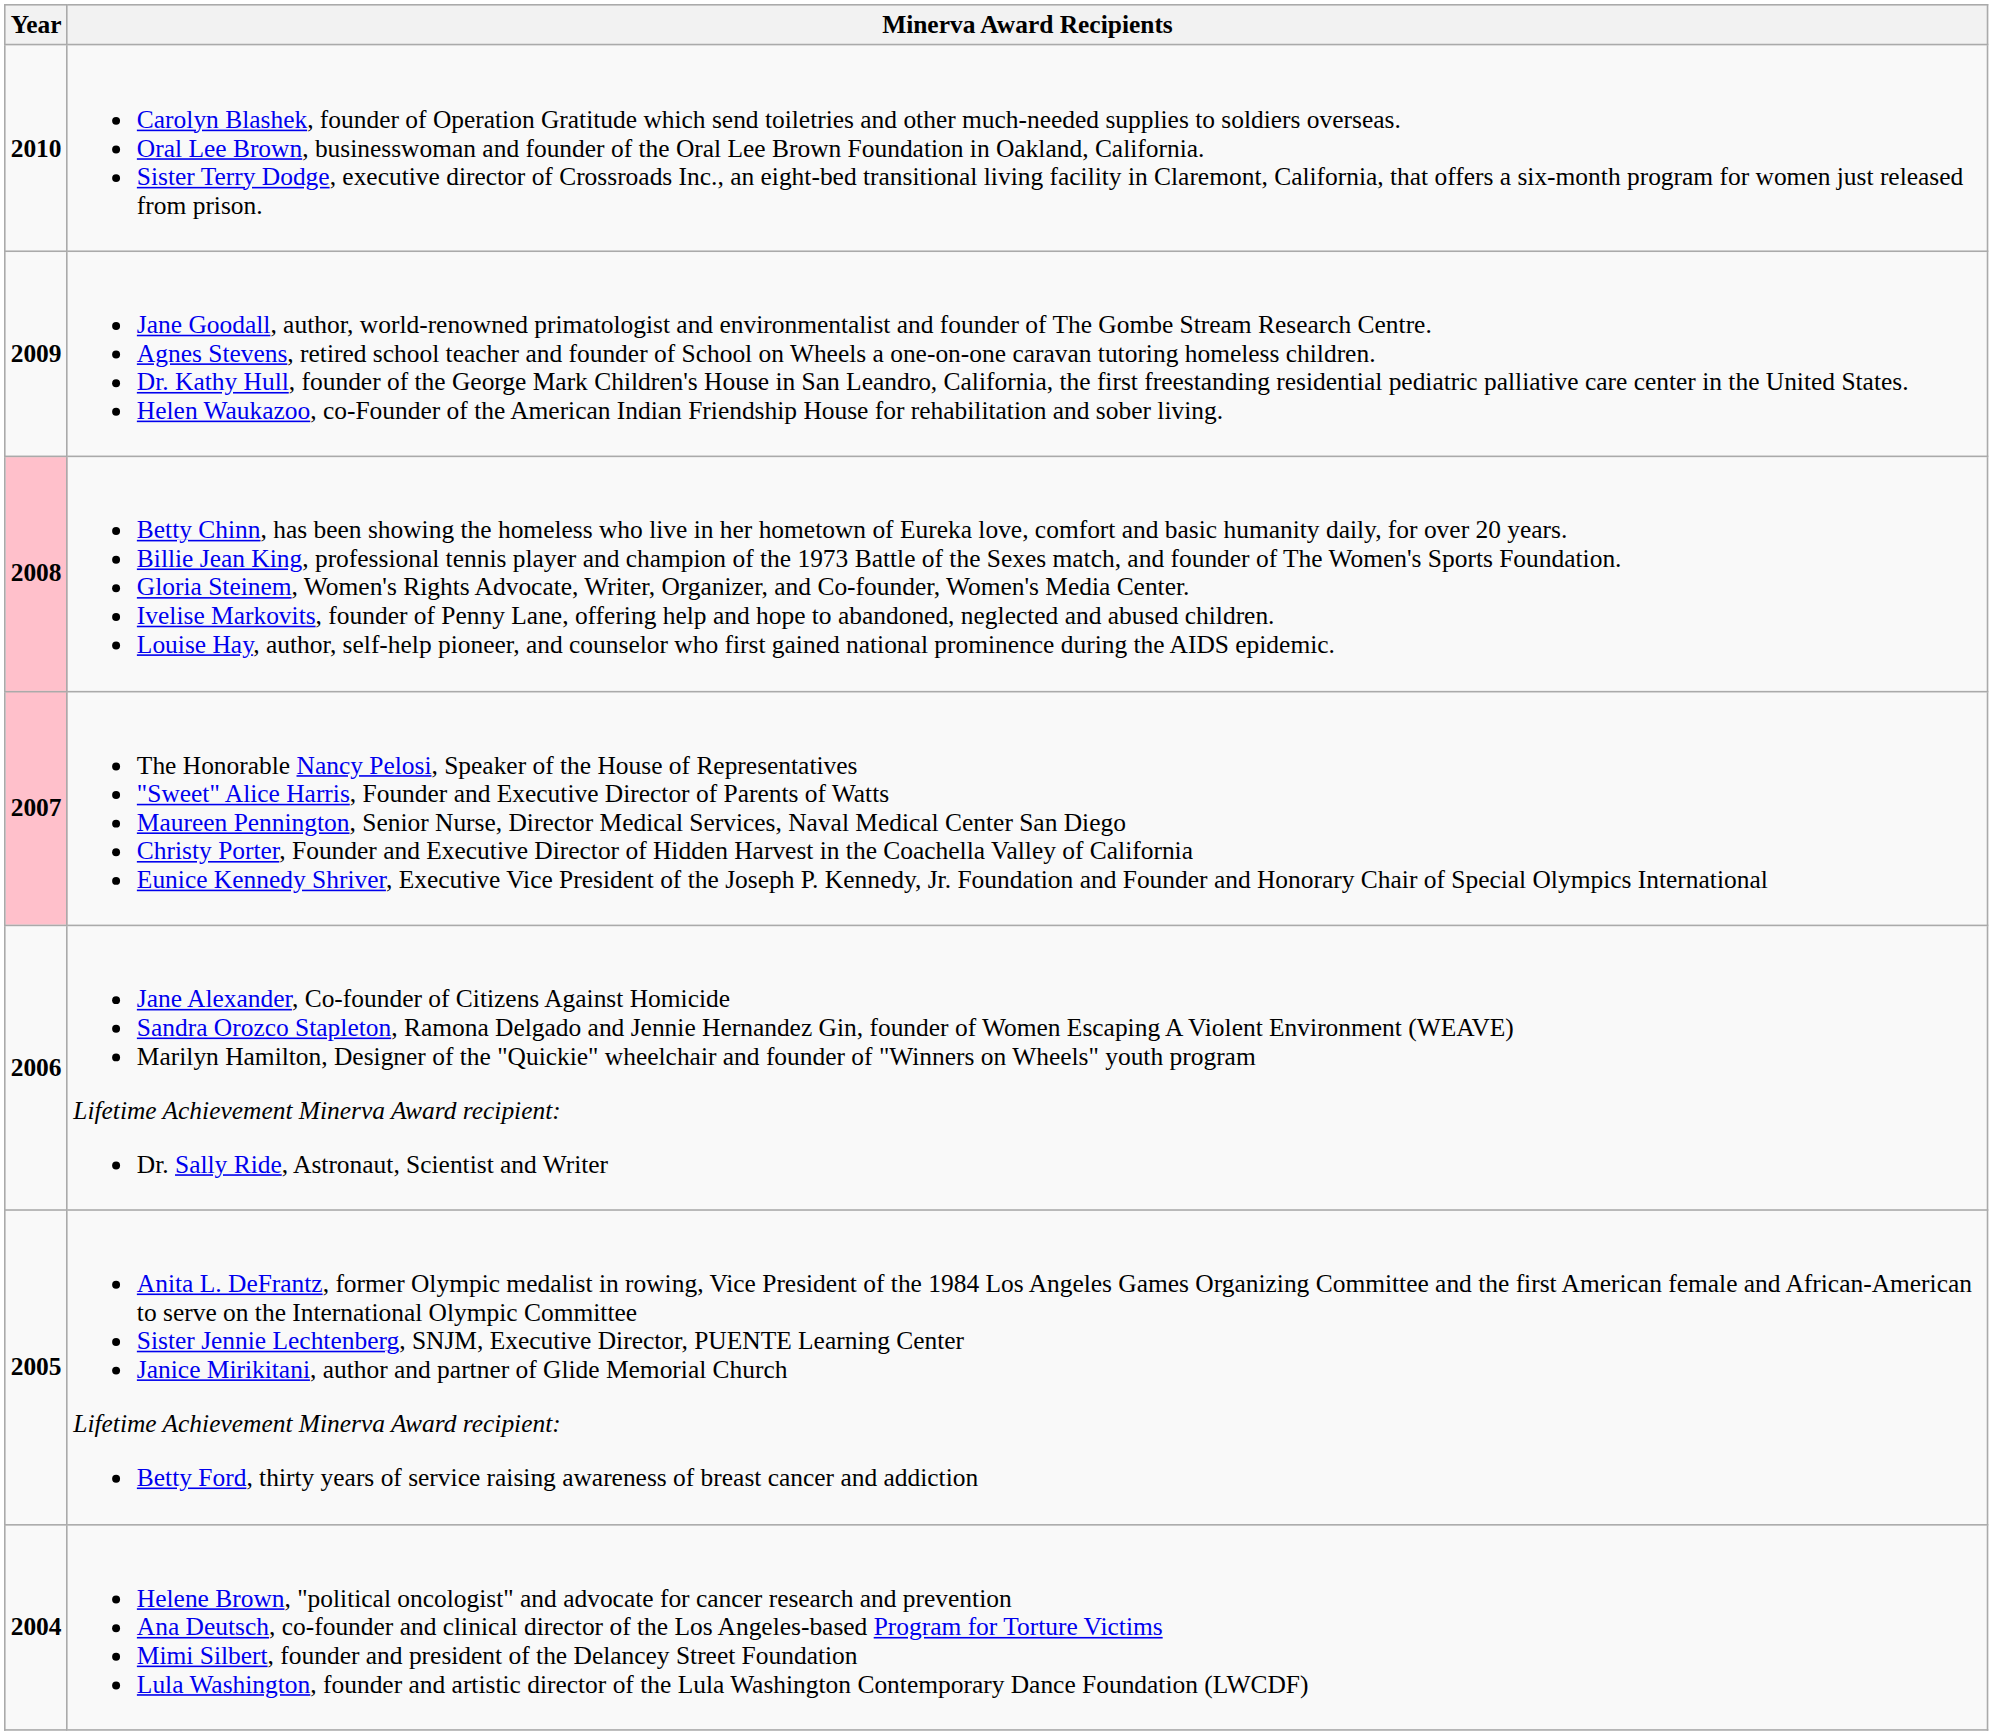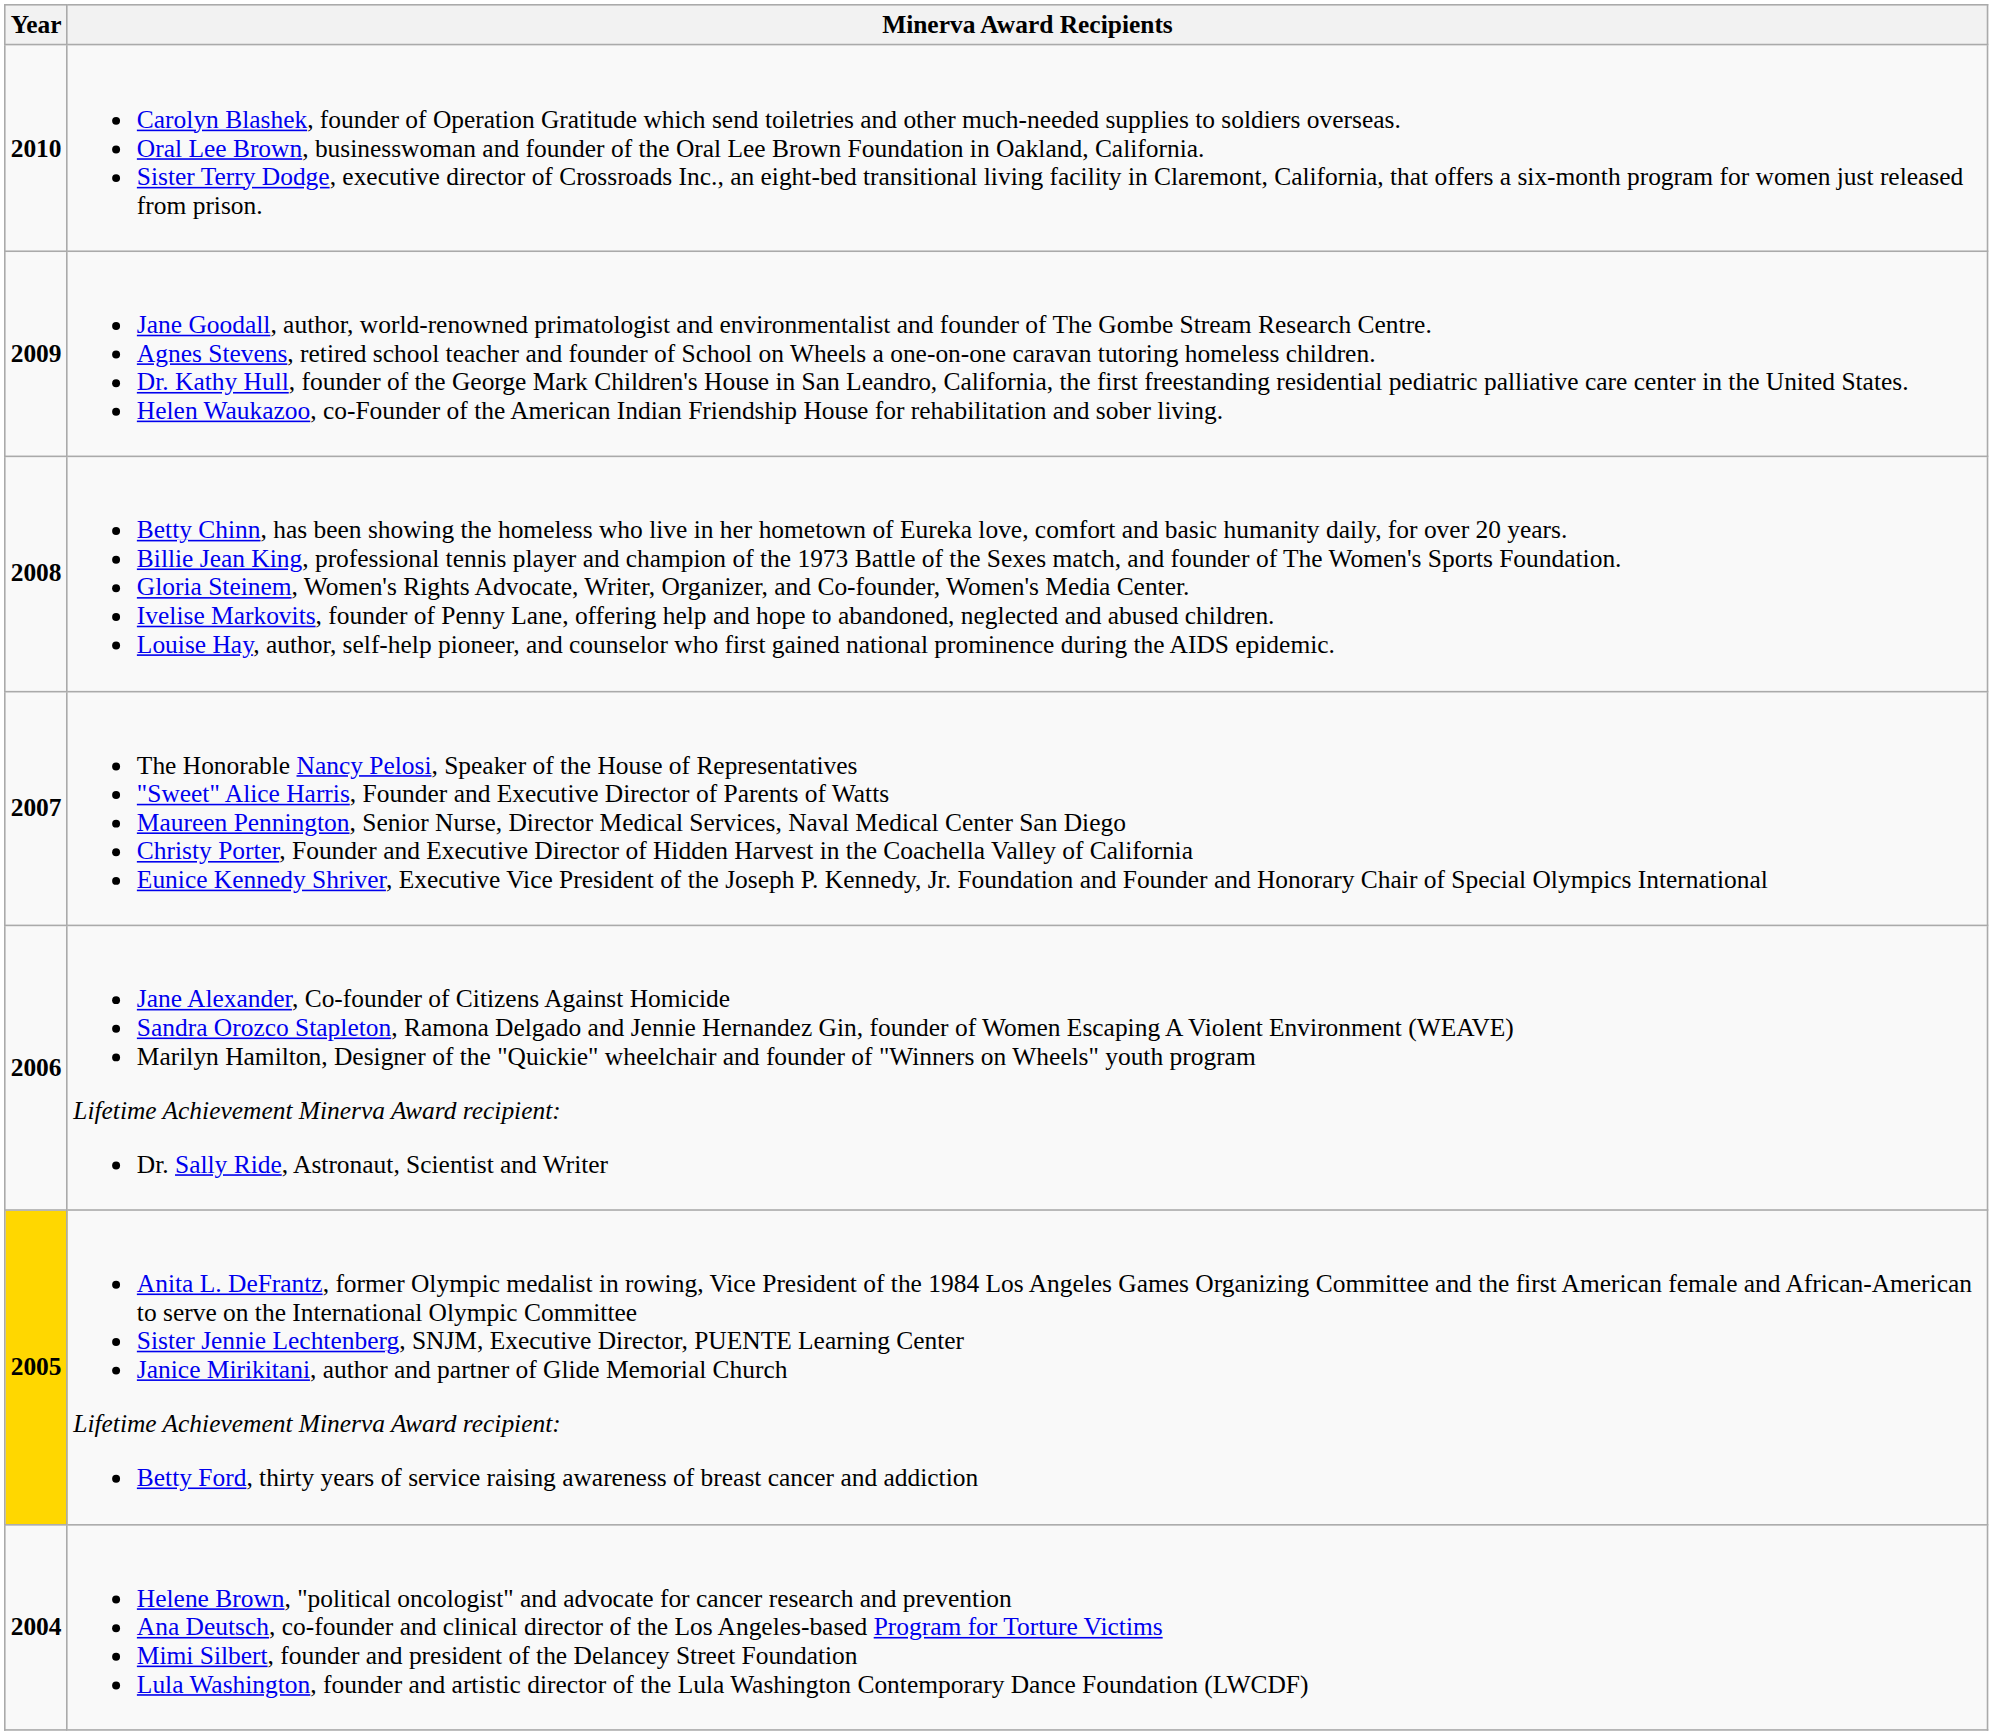 <table class="wikitable">
 <tr>
 <th>Year</th>
 <th>Minerva Award Recipients</th>
 </tr>
 <tr>
 <td><strong>2010</strong></td>
 <td><br><ul><li><a href='#'>Carolyn Blashek</a>, founder of Operation Gratitude which send toiletries and other much-needed supplies to soldiers overseas.</li><li><a href='#'>Oral Lee Brown</a>, businesswoman and founder of the Oral Lee Brown Foundation in Oakland, California.</li><li><a href='#'>Sister Terry Dodge</a>, executive director of Crossroads Inc., an eight-bed transitional living facility in Claremont, California, that offers a six-month program for women just released from prison.</li></ul></td>
 </tr>
 <tr>
 <td><strong>2009</strong></td>
 <td><br><ul><li><a href='#'>Jane Goodall</a>, author, world-renowned primatologist and environmentalist and founder of The Gombe Stream Research Centre.</li><li><a href='#'>Agnes Stevens</a>, retired school teacher and founder of School on Wheels a one-on-one caravan tutoring homeless children.</li><li><a href='#'>Dr. Kathy Hull</a>, founder of the George Mark Children's House in San Leandro, California, the first freestanding residential pediatric palliative care center in the United States.</li><li><a href='#'>Helen Waukazoo</a>, co-Founder of the American Indian Friendship House for rehabilitation and sober living.</li></ul></td>
 </tr>
 <tr>
-<td style="background: pink;"><strong>2008</strong></td>
+<td><strong>2008</strong></td>
 <td><br><ul><li><a href='#'>Betty Chinn</a>, has been showing the homeless who live in her hometown of Eureka love, comfort and basic humanity daily, for over 20 years.</li><li><a href='#'>Billie Jean King</a>, professional tennis player and champion of the 1973 Battle of the Sexes match, and founder of The Women's Sports Foundation.</li><li><a href='#'>Gloria Steinem</a>, Women's Rights Advocate, Writer, Organizer, and Co-founder, Women's Media Center.</li><li><a href='#'>Ivelise Markovits</a>, founder of Penny Lane, offering help and hope to abandoned, neglected and abused children.</li><li><a href='#'>Louise Hay</a>, author, self-help pioneer, and counselor who first gained national prominence during the AIDS epidemic.</li></ul></td>
 </tr>
 <tr>
-<td style="background: pink;"><strong>2007</strong></td>
+<td><strong>2007</strong></td>
 <td><br><ul><li>The Honorable <a href='#'>Nancy Pelosi</a>, Speaker of the House of Representatives</li><li><a href='#'>"Sweet" Alice Harris</a>, Founder and Executive Director of Parents of Watts</li><li><a href='#'>Maureen Pennington</a>, Senior Nurse, Director Medical Services, Naval Medical Center San Diego</li><li><a href='#'>Christy Porter</a>, Founder and Executive Director of Hidden Harvest in the Coachella Valley of California</li><li><a href='#'>Eunice Kennedy Shriver</a>, Executive Vice President of the Joseph P. Kennedy, Jr. Foundation and Founder and Honorary Chair of Special Olympics International</li></ul></td>
 </tr>
 <tr>
 <td><strong>2006</strong></td>
 <td><br><ul><li><a href='#'>Jane Alexander</a>, Co-founder of Citizens Against Homicide</li><li><a href='#'>Sandra Orozco Stapleton</a>, Ramona Delgado and Jennie Hernandez Gin, founder of Women Escaping A Violent Environment (WEAVE)</li><li>Marilyn Hamilton, Designer of the "Quickie" wheelchair and founder of "Winners on Wheels" youth program</li></ul><em>Lifetime Achievement Minerva Award recipient:</em><ul><li>Dr. <a href='#'>Sally Ride</a>, Astronaut, Scientist and Writer</li></ul></td>
 </tr>
 <tr>
-<td><strong>2005</strong></td>
+<td style="background: gold;"><strong>2005</strong></td>
 <td><br><ul><li><a href='#'>Anita L. DeFrantz</a>, former Olympic medalist in rowing, Vice President of the 1984 Los Angeles Games Organizing Committee and the first American female and African-American to serve on the International Olympic Committee</li><li><a href='#'>Sister Jennie Lechtenberg</a>, SNJM, Executive Director, PUENTE Learning Center</li><li><a href='#'>Janice Mirikitani</a>, author and partner of Glide Memorial Church</li></ul><em>Lifetime Achievement Minerva Award recipient:</em><ul><li><a href='#'>Betty Ford</a>, thirty years of service raising awareness of breast cancer and addiction</li></ul></td>
 </tr>
 <tr>
 <td><strong>2004</strong></td>
 <td><br><ul><li><a href='#'>Helene Brown</a>, "political oncologist" and advocate for cancer research and prevention</li><li><a href='#'>Ana Deutsch</a>, co-founder and clinical director of the Los Angeles-based <a href='#'>Program for Torture Victims</a></li><li><a href='#'>Mimi Silbert</a>, founder and president of the Delancey Street Foundation</li><li><a href='#'>Lula Washington</a>, founder and artistic director of the Lula Washington Contemporary Dance Foundation (LWCDF)</li></ul></td>
 </tr>
 </table>
